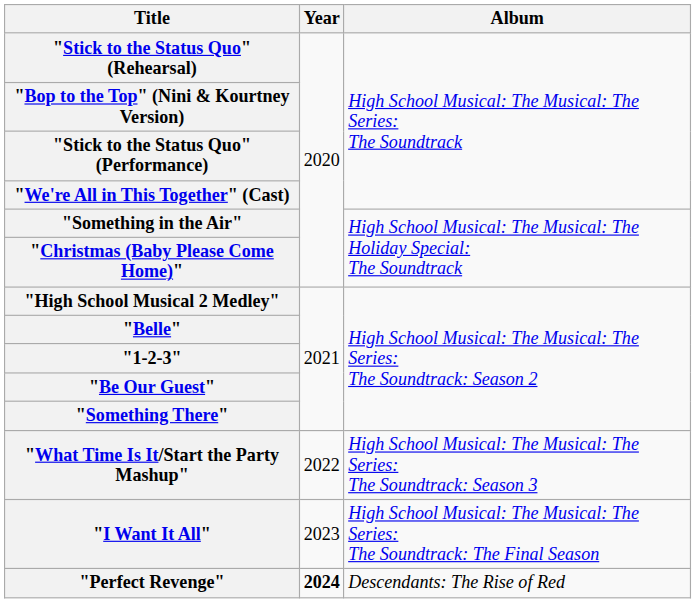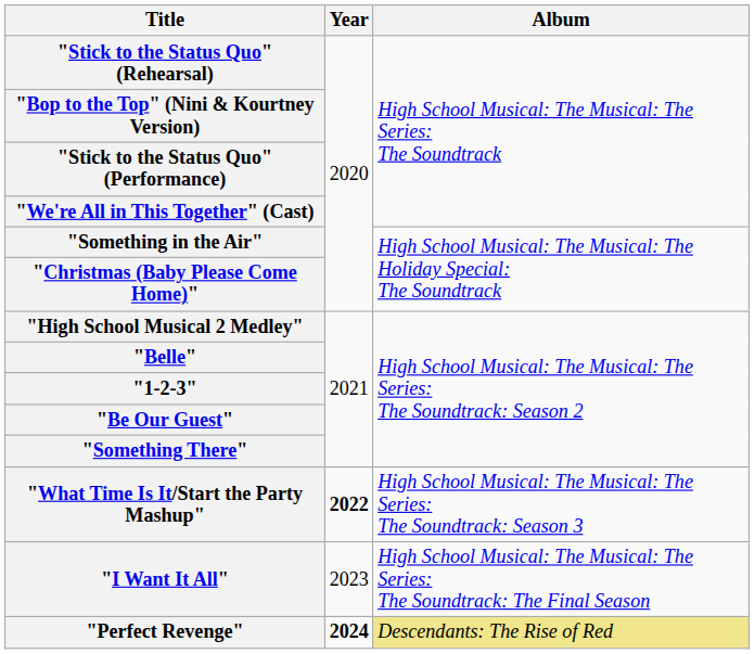 <table class="wikitable plainrowheaders">
 <tr>
 <th>Title</th>
 <th>Year</th>
 <th>Album</th>
 </tr>
 <tr>
 <th scope="row">"<a href='#'>Stick to the Status Quo</a>" (Rehearsal)</th>
 <td rowspan="6">2020</td>
 <td rowspan="4"><em><a href='#'>High School Musical: The Musical: The Series:<br>The Soundtrack</a></em></td>
 </tr>
 <tr>
 <th scope="row">"<a href='#'>Bop to the Top</a>" (Nini & Kourtney Version)</th>
 </tr>
 <tr>
 <th scope="row">"Stick to the Status Quo" (Performance)</th>
 </tr>
 <tr>
 <th scope="row">"<a href='#'>We're All in This Together</a>" (Cast)</th>
 </tr>
 <tr>
 <th scope="row">"Something in the Air"</th>
 <td rowspan="2"><em><a href='#'>High School Musical: The Musical: The Holiday Special:<br>The Soundtrack</a></em></td>
 </tr>
 <tr>
 <th scope="row">"<a href='#'>Christmas (Baby Please Come Home)</a>"</th>
 </tr>
 <tr>
 <th scope="row">"High School Musical 2 Medley"</th>
 <td rowspan="5">2021</td>
 <td rowspan="5"><em><a href='#'>High School Musical: The Musical: The Series:<br>The Soundtrack: Season 2</a></em></td>
 </tr>
 <tr>
 <th scope="row">"<a href='#'>Belle</a>"</th>
 </tr>
 <tr>
 <th scope="row">"1-2-3"</th>
 </tr>
 <tr>
 <th scope="row">"<a href='#'>Be Our Guest</a>"</th>
 </tr>
 <tr>
 <th scope="row">"<a href='#'>Something There</a>"</th>
 </tr>
 <tr>
 <th scope="row">"<a href='#'>What Time Is It</a>/Start the Party Mashup"</th>
-<td>2022</td>
+<td><strong>2022</strong></td>
 <td><em><a href='#'>High School Musical: The Musical: The Series:<br>The Soundtrack: Season 3</a></em></td>
 </tr>
 <tr>
 <th scope="row">"<a href='#'>I Want It All</a>"</th>
 <td>2023</td>
 <td><em><a href='#'>High School Musical: The Musical: The Series:<br>The Soundtrack: The Final Season</a></em></td>
 </tr>
 <tr>
 <th scope="row">"Perfect Revenge"</th>
 <td><strong>2024</strong></td>
-<td><em>Descendants: The Rise of Red</em></td>
+<td style="background: khaki;"><em>Descendants: The Rise of Red</em></td>
 </tr>
 </table>
